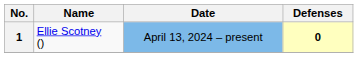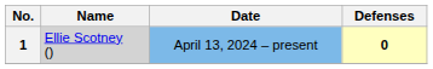 <table class="wikitable sortable" style="width:80%;">
 <tr>
 <th>No.</th>
 <th>Name</th>
 <th>Date</th>
 <th>Defenses</th>
 </tr>
 <tr align=center>
 <th>1</th>
-<td align=left> <a href='#'>Ellie Scotney</a><br>()</td>
+<td align=left style="background: lightgrey;"> <a href='#'>Ellie Scotney</a><br>()</td>
 <td style="background:#7CB9E8;">April 13, 2024 – present</td>
 <td style="background:#ffffbf;"><strong>0</strong></td>
 </tr>
 <tr>
 </tr>
 </table>
